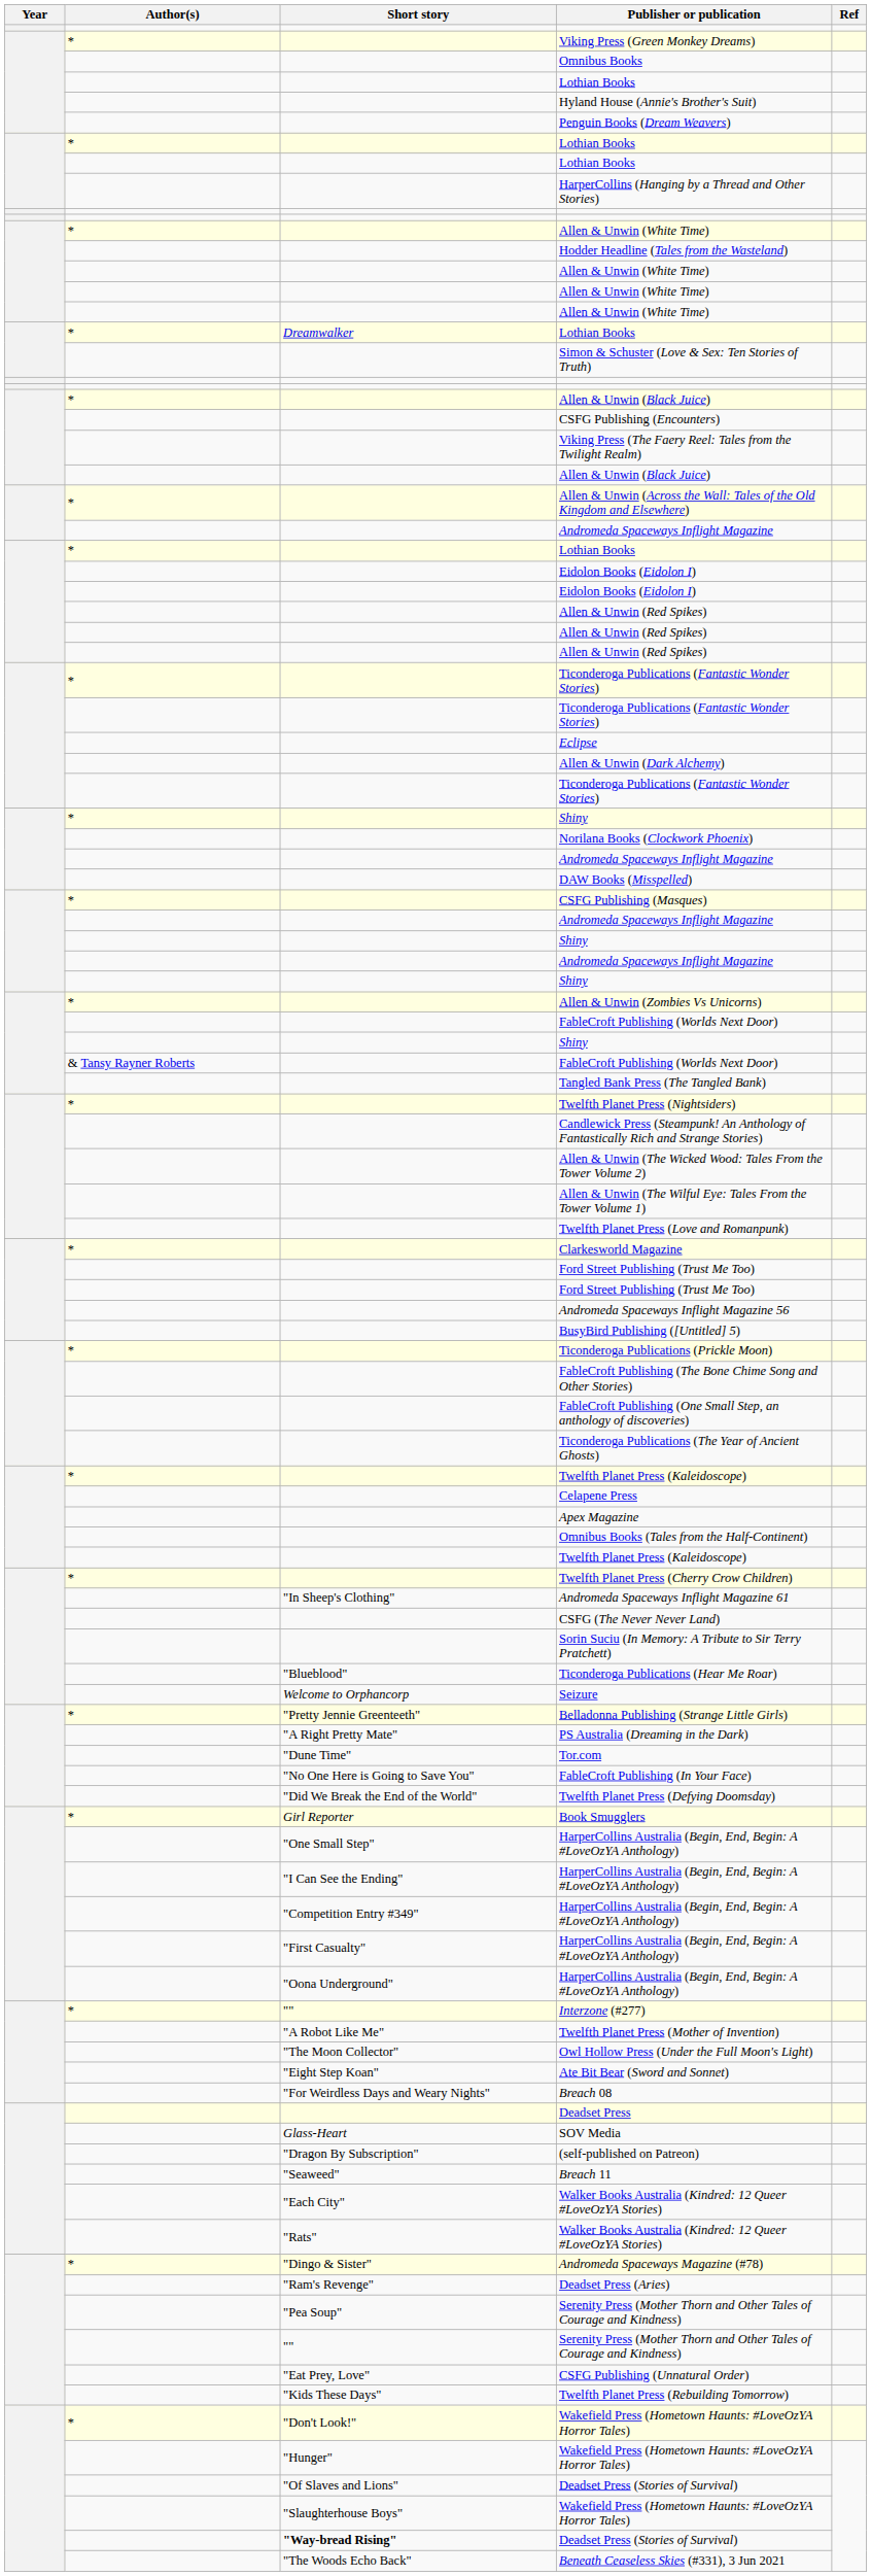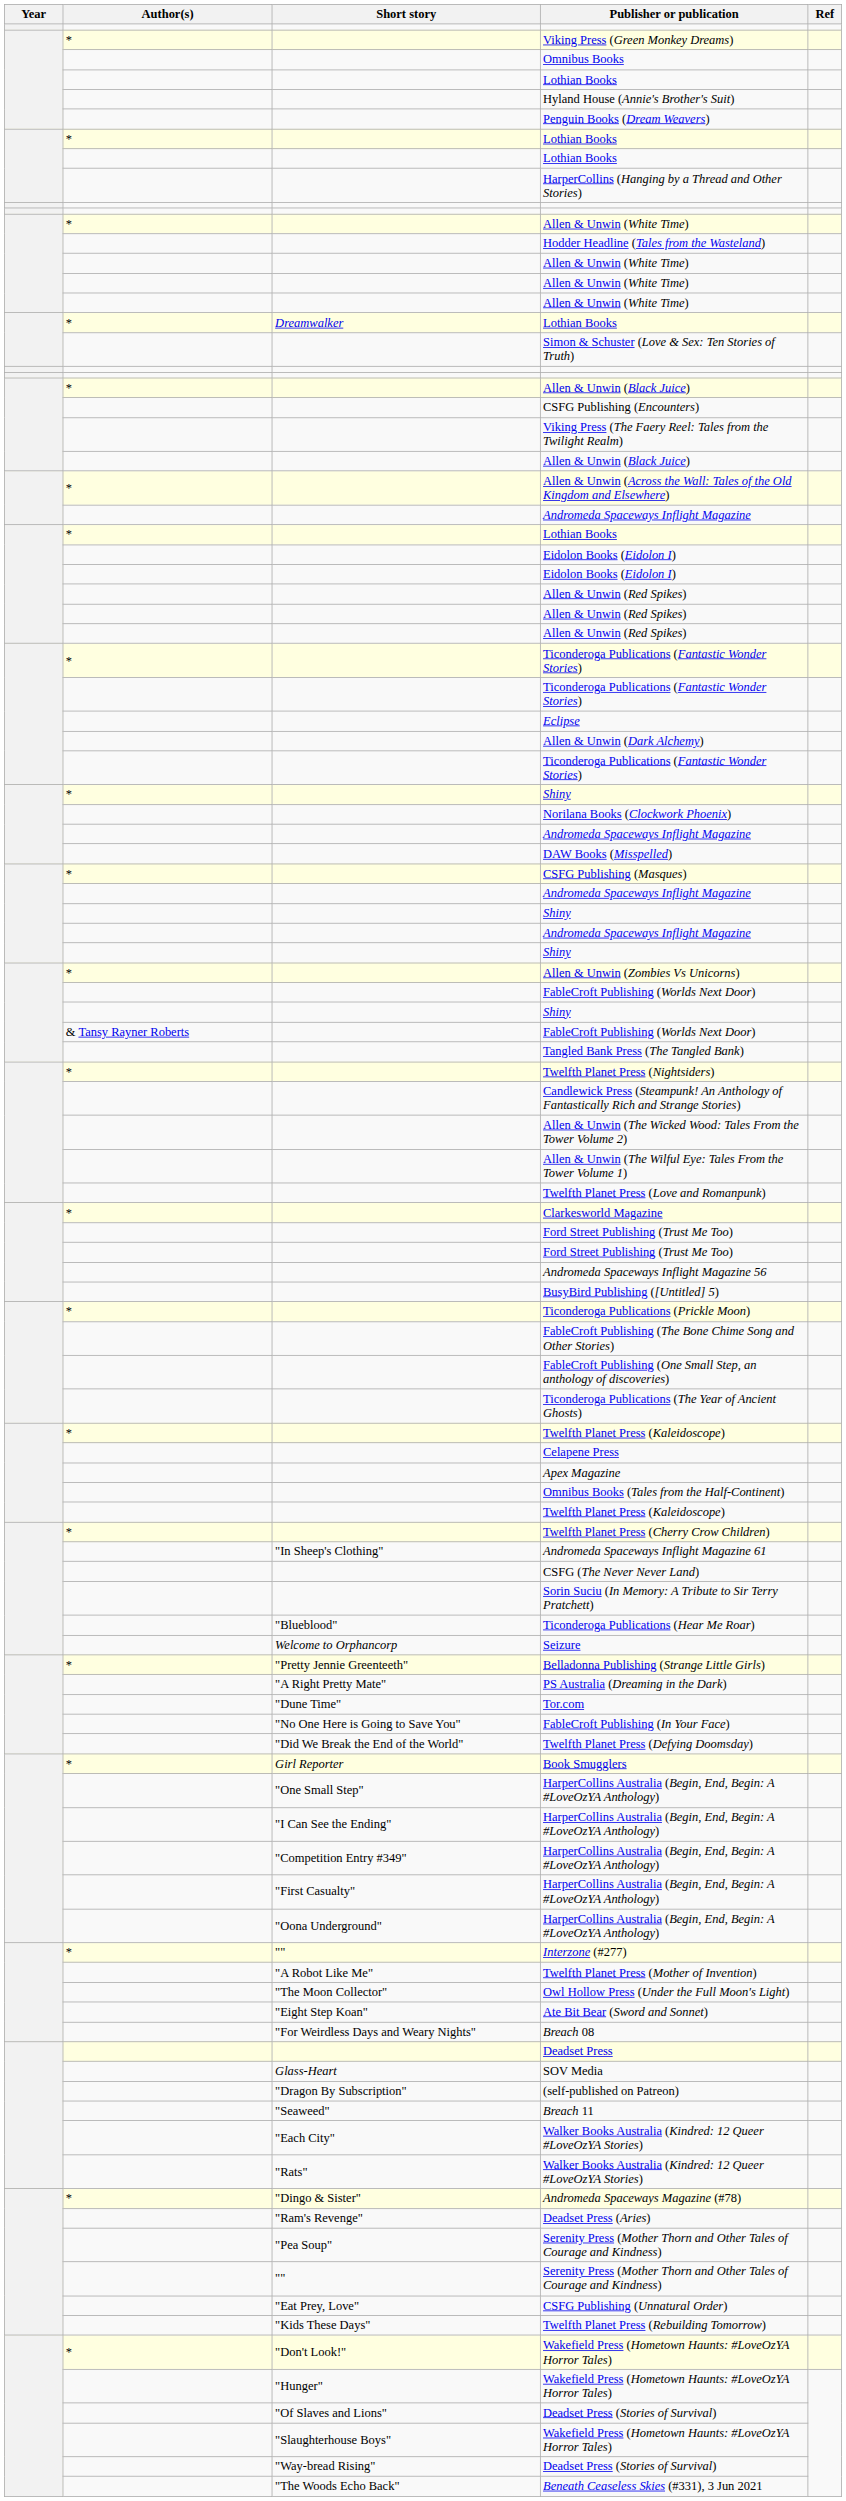 <table class="sortable wikitable" width="85%" cellpadding="5" style="margin: 1em auto 1em auto">
 <tr>
 <th width="7%">Year</th>
 <th width="25%">Author(s)</th>
 <th width="32%">Short story</th>
 <th width="32%">Publisher or publication</th>
 <th width="4%" class="unsortable">Ref</th>
 </tr>
 <tr>
 <th align="center"></th>
 <td></td>
 <td align="center"></td>
 <td align="center"></td>
 <td></td>
 </tr>
 <tr style="background:lightyellow;">
 <th rowspan="5" align="center"></th>
 <td>*</td>
 <td></td>
 <td><a href='#'>Viking Press</a> (<em>Green Monkey Dreams</em>)</td>
 <td></td>
 </tr>
 <tr>
 <td></td>
 <td></td>
 <td><a href='#'>Omnibus Books</a></td>
 <td></td>
 </tr>
 <tr>
 <td></td>
 <td></td>
 <td><a href='#'>Lothian Books</a></td>
 <td></td>
 </tr>
 <tr>
 <td></td>
 <td></td>
 <td>Hyland House (<em>Annie's Brother's Suit</em>)</td>
 <td></td>
 </tr>
 <tr>
 <td></td>
 <td></td>
 <td><a href='#'>Penguin Books</a> (<em><a href='#'>Dream Weavers</a></em>)</td>
 <td></td>
 </tr>
 <tr style="background:lightyellow;">
 <th rowspan="3" align="center"></th>
 <td>*</td>
 <td></td>
 <td><a href='#'>Lothian Books</a></td>
 <td></td>
 </tr>
 <tr>
 <td></td>
 <td></td>
 <td><a href='#'>Lothian Books</a></td>
 <td></td>
 </tr>
 <tr>
 <td></td>
 <td></td>
 <td><a href='#'>HarperCollins</a> (<em>Hanging by a Thread and Other Stories</em>)</td>
 <td></td>
 </tr>
 <tr>
 <th align="center"></th>
 <td></td>
 <td align="center"></td>
 <td align="center"></td>
 <td></td>
 </tr>
 <tr>
 <th align="center"></th>
 <td></td>
 <td align="center"></td>
 <td align="center"></td>
 <td></td>
 </tr>
 <tr style="background:lightyellow;">
 <th rowspan="5" align="center"></th>
 <td>*</td>
 <td></td>
 <td><a href='#'>Allen & Unwin</a> (<em>White Time</em>)</td>
 <td></td>
 </tr>
 <tr>
 <td></td>
 <td></td>
 <td><a href='#'>Hodder Headline</a> (<em><a href='#'>Tales from the Wasteland</a></em>)</td>
 <td></td>
 </tr>
 <tr>
 <td></td>
 <td></td>
 <td><a href='#'>Allen & Unwin</a> (<em>White Time</em>)</td>
 <td></td>
 </tr>
 <tr>
 <td></td>
 <td></td>
 <td><a href='#'>Allen & Unwin</a> (<em>White Time</em>)</td>
 <td></td>
 </tr>
 <tr>
 <td></td>
 <td></td>
 <td><a href='#'>Allen & Unwin</a> (<em>White Time</em>)</td>
 <td></td>
 </tr>
 <tr style="background:lightyellow;">
 <th rowspan="2" align="center"></th>
 <td>*</td>
 <td><em><a href='#'>Dreamwalker</a></em></td>
 <td><a href='#'>Lothian Books</a></td>
 <td></td>
 </tr>
 <tr>
 <td></td>
 <td></td>
 <td><a href='#'>Simon & Schuster</a> (<em>Love & Sex: Ten Stories of Truth</em>)</td>
 <td></td>
 </tr>
 <tr>
 <th align="center"></th>
 <td></td>
 <td align="center"></td>
 <td align="center"></td>
 <td></td>
 </tr>
 <tr>
 <th align="center"></th>
 <td></td>
 <td align="center"></td>
 <td align="center"></td>
 <td></td>
 </tr>
 <tr style="background:lightyellow;">
 <th rowspan="4" align="center"></th>
 <td>*</td>
 <td></td>
 <td><a href='#'>Allen & Unwin</a> (<em><a href='#'>Black Juice</a></em>)</td>
 <td></td>
 </tr>
 <tr>
 <td></td>
 <td></td>
 <td>CSFG Publishing (<em>Encounters</em>)</td>
 <td></td>
 </tr>
 <tr>
 <td></td>
 <td></td>
 <td><a href='#'>Viking Press</a> (<em>The Faery Reel: Tales from the Twilight Realm</em>)</td>
 <td></td>
 </tr>
 <tr>
 <td></td>
 <td></td>
 <td><a href='#'>Allen & Unwin</a> (<em><a href='#'>Black Juice</a></em>)</td>
 <td></td>
 </tr>
 <tr style="background:lightyellow;">
 <th rowspan="2" align="center"></th>
 <td>*</td>
 <td></td>
 <td><a href='#'>Allen & Unwin</a> (<em><a href='#'>Across the Wall: Tales of the Old Kingdom and Elsewhere</a></em>)</td>
 <td></td>
 </tr>
 <tr>
 <td></td>
 <td></td>
 <td><em><a href='#'>Andromeda Spaceways Inflight Magazine</a></em></td>
 <td></td>
 </tr>
 <tr style="background:lightyellow;">
 <th rowspan="6" align="center"></th>
 <td>*</td>
 <td></td>
 <td><a href='#'>Lothian Books</a></td>
 <td></td>
 </tr>
 <tr>
 <td></td>
 <td></td>
 <td><a href='#'>Eidolon Books</a> (<em><a href='#'>Eidolon I</a></em>)</td>
 <td></td>
 </tr>
 <tr>
 <td></td>
 <td></td>
 <td><a href='#'>Eidolon Books</a> (<em><a href='#'>Eidolon I</a></em>)</td>
 <td></td>
 </tr>
 <tr>
 <td></td>
 <td></td>
 <td><a href='#'>Allen & Unwin</a> (<em>Red Spikes</em>)</td>
 <td></td>
 </tr>
 <tr>
 <td></td>
 <td></td>
 <td><a href='#'>Allen & Unwin</a> (<em>Red Spikes</em>)</td>
 <td></td>
 </tr>
 <tr>
 <td></td>
 <td></td>
 <td><a href='#'>Allen & Unwin</a> (<em>Red Spikes</em>)</td>
 <td></td>
 </tr>
 <tr style="background:lightyellow;">
 <th rowspan="5" align="center"></th>
 <td>*</td>
 <td></td>
 <td><a href='#'>Ticonderoga Publications</a> (<em><a href='#'>Fantastic Wonder Stories</a></em>)</td>
 <td></td>
 </tr>
 <tr>
 <td></td>
 <td></td>
 <td><a href='#'>Ticonderoga Publications</a> (<em><a href='#'>Fantastic Wonder Stories</a></em>)</td>
 <td></td>
 </tr>
 <tr>
 <td></td>
 <td></td>
 <td><em><a href='#'>Eclipse</a></em></td>
 <td></td>
 </tr>
 <tr>
 <td></td>
 <td></td>
 <td><a href='#'>Allen & Unwin</a> (<em><a href='#'>Dark Alchemy</a></em>)</td>
 <td></td>
 </tr>
 <tr>
 <td></td>
 <td></td>
 <td><a href='#'>Ticonderoga Publications</a> (<em><a href='#'>Fantastic Wonder Stories</a></em>)</td>
 <td></td>
 </tr>
 <tr style="background:lightyellow;">
 <th rowspan="4" align="center"></th>
 <td>*</td>
 <td></td>
 <td><em><a href='#'>Shiny</a></em></td>
 <td></td>
 </tr>
 <tr>
 <td></td>
 <td></td>
 <td><a href='#'>Norilana Books</a> (<em><a href='#'>Clockwork Phoenix</a></em>)</td>
 <td></td>
 </tr>
 <tr>
 <td></td>
 <td></td>
 <td><em><a href='#'>Andromeda Spaceways Inflight Magazine</a></em></td>
 <td></td>
 </tr>
 <tr>
 <td></td>
 <td></td>
 <td><a href='#'>DAW Books</a> (<em><a href='#'>Misspelled</a></em>)</td>
 <td></td>
 </tr>
 <tr style="background:lightyellow;">
 <th rowspan="5" align="center"></th>
 <td>*</td>
 <td></td>
 <td><a href='#'>CSFG Publishing</a> (<em>Masques</em>)</td>
 <td></td>
 </tr>
 <tr>
 <td></td>
 <td></td>
 <td><em><a href='#'>Andromeda Spaceways Inflight Magazine</a></em></td>
 <td></td>
 </tr>
 <tr>
 <td></td>
 <td></td>
 <td><em><a href='#'>Shiny</a></em></td>
 <td></td>
 </tr>
 <tr>
 <td></td>
 <td></td>
 <td><em><a href='#'>Andromeda Spaceways Inflight Magazine</a></em></td>
 <td></td>
 </tr>
 <tr>
 <td></td>
 <td></td>
 <td><em><a href='#'>Shiny</a></em></td>
 <td></td>
 </tr>
 <tr style="background:lightyellow;">
 <th rowspan="5" align="center"></th>
 <td>*</td>
 <td></td>
 <td><a href='#'>Allen & Unwin</a> (<em>Zombies Vs Unicorns</em>)</td>
 <td></td>
 </tr>
 <tr>
 <td></td>
 <td></td>
 <td><a href='#'>FableCroft Publishing</a> (<em>Worlds Next Door</em>)</td>
 <td></td>
 </tr>
 <tr>
 <td></td>
 <td></td>
 <td><em><a href='#'>Shiny</a></em></td>
 <td></td>
 </tr>
 <tr>
 <td> & <a href='#'>Tansy Rayner Roberts</a></td>
 <td></td>
 <td><a href='#'>FableCroft Publishing</a> (<em>Worlds Next Door</em>)</td>
 <td></td>
 </tr>
 <tr>
 <td></td>
 <td></td>
 <td><a href='#'>Tangled Bank Press</a> (<em>The Tangled Bank</em>)</td>
 <td></td>
 </tr>
 <tr style="background:lightyellow;">
 <th rowspan="5" align="center"></th>
 <td>*</td>
 <td></td>
 <td><a href='#'>Twelfth Planet Press</a> (<em>Nightsiders</em>)</td>
 <td></td>
 </tr>
 <tr>
 <td></td>
 <td></td>
 <td><a href='#'>Candlewick Press</a> (<em>Steampunk! An Anthology of Fantastically Rich and Strange Stories</em>)</td>
 <td></td>
 </tr>
 <tr>
 <td></td>
 <td></td>
 <td><a href='#'>Allen & Unwin</a> (<em>The Wicked Wood: Tales From the Tower Volume 2</em>)</td>
 <td></td>
 </tr>
 <tr>
 <td></td>
 <td></td>
 <td><a href='#'>Allen & Unwin</a> (<em>The Wilful Eye: Tales From the Tower Volume 1</em>)</td>
 <td></td>
 </tr>
 <tr>
 <td></td>
 <td></td>
 <td><a href='#'>Twelfth Planet Press</a> (<em>Love and Romanpunk</em>)</td>
 <td></td>
 </tr>
 <tr style="background:lightyellow;">
 <th rowspan="5" align="center"></th>
 <td>*</td>
 <td></td>
 <td><a href='#'>Clarkesworld Magazine</a></td>
 <td></td>
 </tr>
 <tr>
 <td></td>
 <td></td>
 <td><a href='#'>Ford Street Publishing</a> (<em>Trust Me Too</em>)</td>
 <td></td>
 </tr>
 <tr>
 <td></td>
 <td></td>
 <td><a href='#'>Ford Street Publishing</a> (<em>Trust Me Too</em>)</td>
 <td></td>
 </tr>
 <tr>
 <td></td>
 <td></td>
 <td><em>Andromeda Spaceways Inflight Magazine 56</em></td>
 <td></td>
 </tr>
 <tr>
 <td></td>
 <td></td>
 <td><a href='#'>BusyBird Publishing</a> (<em>[Untitled] 5</em>)</td>
 <td></td>
 </tr>
 <tr style="background:lightyellow;">
 <th rowspan="4" align="center"></th>
 <td>*</td>
 <td></td>
 <td><a href='#'>Ticonderoga Publications</a> (<em>Prickle Moon</em>)</td>
 <td></td>
 </tr>
 <tr>
 <td></td>
 <td></td>
 <td><a href='#'>FableCroft Publishing</a> (<em>The Bone Chime Song and Other Stories</em>)</td>
 <td></td>
 </tr>
 <tr>
 <td></td>
 <td></td>
 <td><a href='#'>FableCroft Publishing</a> (<em>One Small Step, an anthology of discoveries</em>)</td>
 <td></td>
 </tr>
 <tr>
 <td></td>
 <td></td>
 <td><a href='#'>Ticonderoga Publications</a> (<em>The Year of Ancient Ghosts</em>)</td>
 <td></td>
 </tr>
 <tr style="background:lightyellow;">
 <th rowspan="5" align="center"></th>
 <td>*</td>
 <td></td>
 <td><a href='#'>Twelfth Planet Press</a> (<em>Kaleidoscope</em>)</td>
 <td></td>
 </tr>
 <tr>
 <td></td>
 <td></td>
 <td><a href='#'>Celapene Press</a></td>
 <td></td>
 </tr>
 <tr>
 <td></td>
 <td></td>
 <td><em>Apex Magazine</em></td>
 <td></td>
 </tr>
 <tr>
 <td></td>
 <td></td>
 <td><a href='#'>Omnibus Books</a> (<em>Tales from the Half-Continent</em>)</td>
 <td></td>
 </tr>
 <tr>
 <td></td>
 <td></td>
 <td><a href='#'>Twelfth Planet Press</a> (<em>Kaleidoscope</em>)</td>
 <td></td>
 </tr>
 <tr style="background:lightyellow;">
 <th rowspan="6" align="center"></th>
 <td>*</td>
 <td></td>
 <td><a href='#'>Twelfth Planet Press</a> (<em>Cherry Crow Children</em>)</td>
 <td></td>
 </tr>
 <tr>
 <td></td>
 <td>"In Sheep's Clothing"</td>
 <td><em>Andromeda Spaceways Inflight Magazine 61</em></td>
 <td></td>
 </tr>
 <tr>
 <td></td>
 <td></td>
 <td>CSFG (<em>The Never Never Land</em>)</td>
 <td></td>
 </tr>
 <tr>
 <td></td>
 <td></td>
 <td><a href='#'>Sorin Suciu</a> (<em>In Memory: A Tribute to Sir Terry Pratchett</em>)</td>
 <td></td>
 </tr>
 <tr>
 <td></td>
 <td>"Blueblood"</td>
 <td><a href='#'>Ticonderoga Publications</a> (<em>Hear Me Roar</em>)</td>
 <td></td>
 </tr>
 <tr>
 <td></td>
 <td><em>Welcome to Orphancorp</em></td>
 <td><a href='#'>Seizure</a></td>
 <td></td>
 </tr>
 <tr style="background:lightyellow;">
 <th rowspan="5" align="center"></th>
 <td>*</td>
 <td>"Pretty Jennie Greenteeth"</td>
 <td><a href='#'>Belladonna Publishing</a> (<em>Strange Little Girls</em>)</td>
 <td></td>
 </tr>
 <tr>
 <td></td>
 <td>"A Right Pretty Mate"</td>
 <td><a href='#'>PS Australia</a> (<em>Dreaming in the Dark</em>)</td>
 <td></td>
 </tr>
 <tr>
 <td></td>
 <td>"Dune Time"</td>
 <td><a href='#'>Tor.com</a></td>
 <td></td>
 </tr>
 <tr>
 <td></td>
 <td>"No One Here is Going to Save You"</td>
 <td><a href='#'>FableCroft Publishing</a> (<em>In Your Face</em>)</td>
 <td></td>
 </tr>
 <tr>
 <td></td>
 <td>"Did We Break the End of the World"</td>
 <td><a href='#'>Twelfth Planet Press</a> (<em>Defying Doomsday</em>)</td>
 <td></td>
 </tr>
 <tr style="background:lightyellow;">
 <th rowspan="6" align="center"></th>
 <td>*</td>
 <td><em>Girl Reporter</em></td>
 <td><a href='#'>Book Smugglers</a></td>
 <td></td>
 </tr>
 <tr>
 <td></td>
 <td>"One Small Step"</td>
 <td><a href='#'>HarperCollins Australia</a> (<em>Begin, End, Begin: A #LoveOzYA Anthology</em>)</td>
 <td></td>
 </tr>
 <tr>
 <td></td>
 <td>"I Can See the Ending"</td>
 <td><a href='#'>HarperCollins Australia</a> (<em>Begin, End, Begin: A #LoveOzYA Anthology</em>)</td>
 <td></td>
 </tr>
 <tr>
 <td></td>
 <td>"Competition Entry #349"</td>
 <td><a href='#'>HarperCollins Australia</a> (<em>Begin, End, Begin: A #LoveOzYA Anthology</em>)</td>
 <td></td>
 </tr>
 <tr>
 <td></td>
 <td>"First Casualty"</td>
 <td><a href='#'>HarperCollins Australia</a> (<em>Begin, End, Begin: A #LoveOzYA Anthology</em>)</td>
 <td></td>
 </tr>
 <tr>
 <td></td>
 <td>"Oona Underground"</td>
 <td><a href='#'>HarperCollins Australia</a> (<em>Begin, End, Begin: A #LoveOzYA Anthology</em>)</td>
 <td></td>
 </tr>
 <tr style="background:lightyellow;">
 <th rowspan="5" align="center"></th>
 <td>*</td>
 <td>""</td>
 <td><em><a href='#'>Interzone</a></em> (#277)</td>
 <td></td>
 </tr>
 <tr>
 <td></td>
 <td>"A Robot Like Me"</td>
 <td><a href='#'>Twelfth Planet Press</a> (<em>Mother of Invention</em>)</td>
 <td></td>
 </tr>
 <tr>
 <td></td>
 <td>"The Moon Collector"</td>
 <td><a href='#'>Owl Hollow Press</a> (<em>Under the Full Moon's Light</em>)</td>
 <td></td>
 </tr>
 <tr>
 <td></td>
 <td>"Eight Step Koan"</td>
 <td><a href='#'>Ate Bit Bear</a> (<em>Sword and Sonnet</em>)</td>
 <td></td>
 </tr>
 <tr>
 <td></td>
 <td>"For Weirdless Days and Weary Nights"</td>
 <td><em>Breach</em> 08</td>
 <td></td>
 </tr>
 <tr style="background:lightyellow;">
 <th rowspan="6" align="center"></th>
 <td></td>
 <td></td>
 <td><a href='#'>Deadset Press</a></td>
 <td></td>
 </tr>
 <tr>
 <td></td>
 <td><em>Glass-Heart</em></td>
 <td>SOV Media</td>
 <td></td>
 </tr>
 <tr>
 <td></td>
 <td>"Dragon By Subscription"</td>
 <td>(self-published on Patreon)</td>
 <td></td>
 </tr>
 <tr>
 <td></td>
 <td>"Seaweed"</td>
 <td><em>Breach</em> 11</td>
 <td></td>
 </tr>
 <tr>
 <td></td>
 <td>"Each City"</td>
 <td><a href='#'>Walker Books Australia</a> (<em>Kindred: 12 Queer #LoveOzYA Stories</em>)</td>
 <td></td>
 </tr>
 <tr>
 <td></td>
 <td>"Rats"</td>
 <td><a href='#'>Walker Books Australia</a> (<em>Kindred: 12 Queer #LoveOzYA Stories</em>)</td>
 <td></td>
 </tr>
 <tr style="background:lightyellow;">
 <th rowspan="6" align="center"></th>
 <td>*</td>
 <td>"Dingo & Sister"</td>
 <td><em>Andromeda Spaceways Magazine</em> (#78)</td>
 <td></td>
 </tr>
 <tr>
 <td></td>
 <td>"Ram's Revenge"</td>
 <td><a href='#'>Deadset Press</a> (<em>Aries</em>)</td>
 <td></td>
 </tr>
 <tr>
 <td></td>
 <td>"Pea Soup"</td>
 <td><a href='#'>Serenity Press</a> (<em>Mother Thorn and Other Tales of Courage and Kindness</em>)</td>
 <td></td>
 </tr>
 <tr>
 <td></td>
 <td>""</td>
 <td><a href='#'>Serenity Press</a> (<em>Mother Thorn and Other Tales of Courage and Kindness</em>)</td>
 <td></td>
 </tr>
 <tr>
 <td></td>
 <td>"Eat Prey, Love"</td>
 <td><a href='#'>CSFG Publishing</a> (<em>Unnatural Order</em>)</td>
 <td></td>
 </tr>
 <tr>
 <td></td>
 <td>"Kids These Days"</td>
 <td><a href='#'>Twelfth Planet Press</a> (<em>Rebuilding Tomorrow</em>)</td>
 <td></td>
 </tr>
 <tr style="background:lightyellow;">
 <th rowspan="6"></th>
 <td>*</td>
 <td>"Don't Look!"</td>
 <td><a href='#'>Wakefield Press</a> (<em>Hometown Haunts: #LoveOzYA Horror Tales</em>)</td>
 <td></td>
 </tr>
 <tr>
 <td></td>
 <td>"Hunger"</td>
 <td><a href='#'>Wakefield Press</a> (<em>Hometown Haunts: #LoveOzYA Horror Tales</em>)</td>
 <td rowspan="5"></td>
 </tr>
 <tr>
 <td></td>
 <td>"Of Slaves and Lions"</td>
 <td><a href='#'>Deadset Press</a> (<em>Stories of Survival</em>)</td>
 </tr>
 <tr>
 <td></td>
 <td>"Slaughterhouse Boys"</td>
 <td><a href='#'>Wakefield Press</a> (<em>Hometown Haunts: #LoveOzYA Horror Tales</em>)</td>
 </tr>
 <tr>
 <td></td>
-<td><strong>"Way-bread Rising"</strong></td>
+<td>"Way-bread Rising"</td>
 <td><a href='#'>Deadset Press</a> (<em>Stories of Survival</em>)</td>
 </tr>
 <tr>
 <td></td>
 <td>"The Woods Echo Back"</td>
 <td><em><a href='#'>Beneath Ceaseless Skies</a></em> (#331), 3 Jun 2021</td>
 </tr>
 </table>
